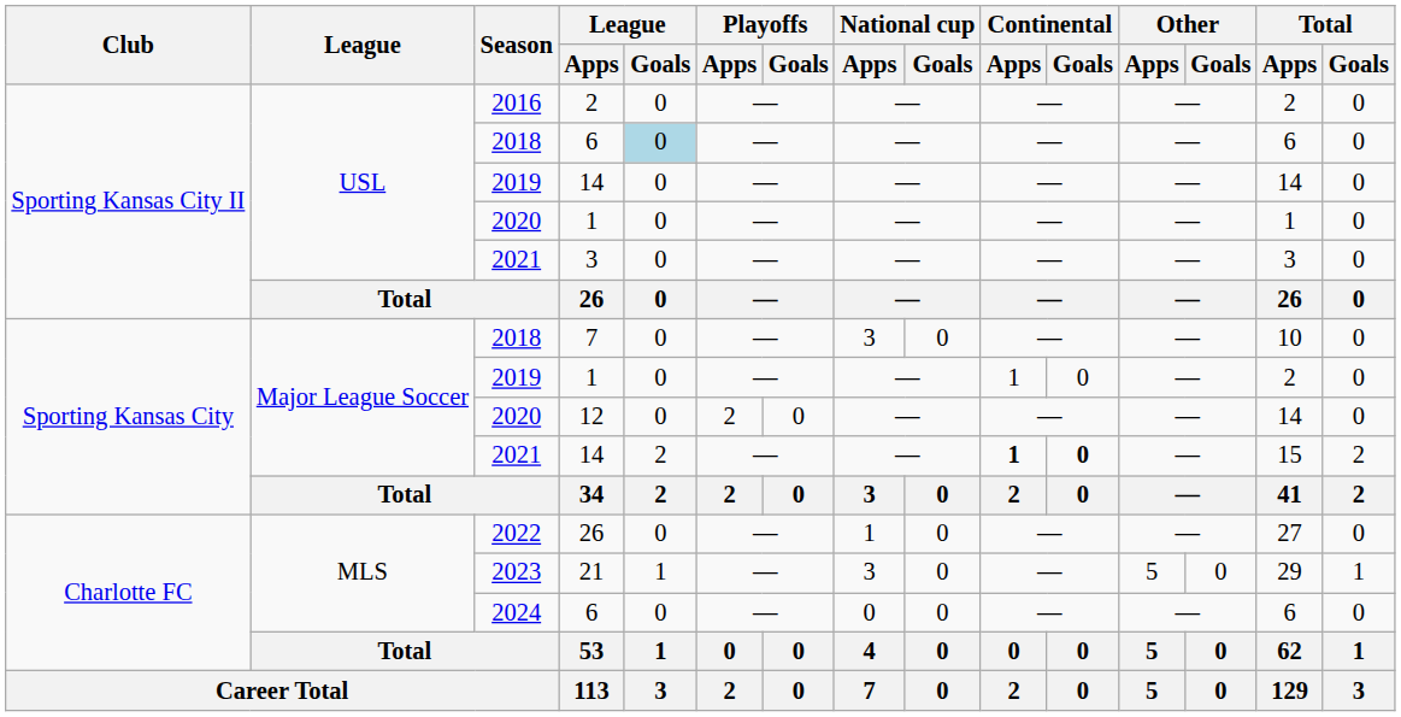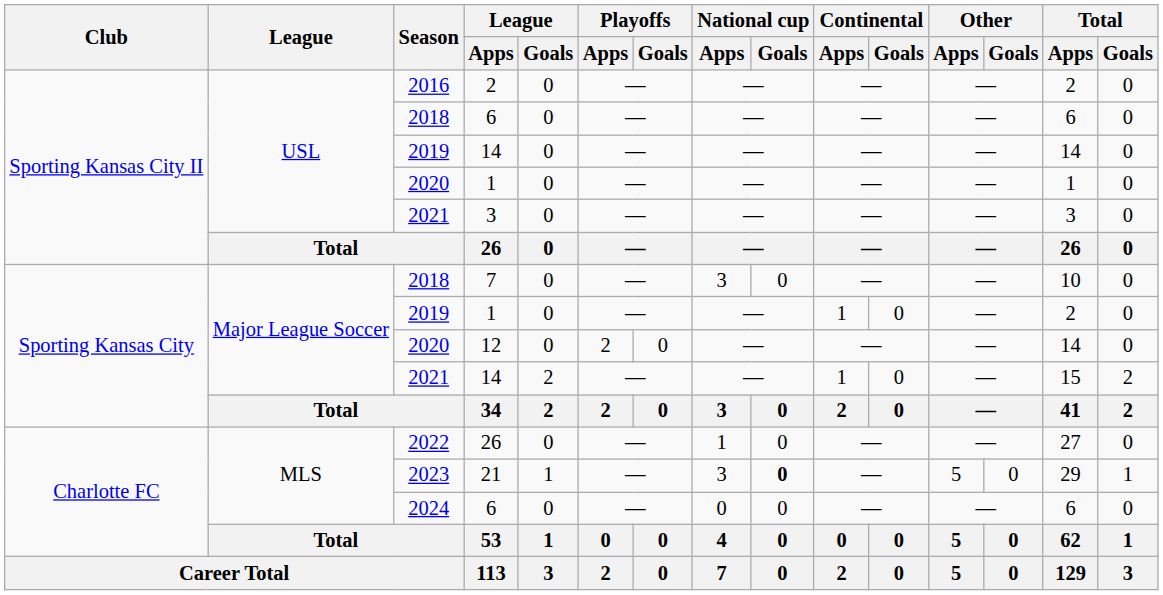 <table class="wikitable" style="text-align: center">
 <tr>
 <th rowspan=2>Club</th>
 <th rowspan=2>League</th>
 <th rowspan=2>Season</th>
 <th colspan=2>League</th>
 <th colspan=2>Playoffs</th>
 <th colspan=2>National cup</th>
 <th colspan=2>Continental</th>
 <th colspan=2>Other</th>
 <th colspan=2>Total</th>
 </tr>
 <tr>
 <th>Apps</th>
 <th>Goals</th>
 <th>Apps</th>
 <th>Goals</th>
 <th>Apps</th>
 <th>Goals</th>
 <th>Apps</th>
 <th>Goals</th>
 <th>Apps</th>
 <th>Goals</th>
 <th>Apps</th>
 <th>Goals</th>
 </tr>
 <tr>
 <td rowspan=6><a href='#'>Sporting Kansas City II</a></td>
 <td rowspan=5><a href='#'>USL</a></td>
 <td><a href='#'>2016</a></td>
 <td>2</td>
 <td>0</td>
 <td colspan="2">—</td>
 <td colspan="2">—</td>
 <td colspan="2">—</td>
 <td colspan="2">—</td>
 <td>2</td>
 <td>0</td>
 </tr>
 <tr>
 <td><a href='#'>2018</a></td>
 <td>6</td>
-<td style="background: lightblue;">0</td>
+<td>0</td>
 <td colspan="2">—</td>
 <td colspan="2">—</td>
 <td colspan="2">—</td>
 <td colspan="2">—</td>
 <td>6</td>
 <td>0</td>
 </tr>
 <tr>
 <td><a href='#'>2019</a></td>
 <td>14</td>
 <td>0</td>
 <td colspan="2">—</td>
 <td colspan="2">—</td>
 <td colspan="2">—</td>
 <td colspan="2">—</td>
 <td>14</td>
 <td>0</td>
 </tr>
 <tr>
 <td><a href='#'>2020</a></td>
 <td>1</td>
 <td>0</td>
 <td colspan="2">—</td>
 <td colspan="2">—</td>
 <td colspan="2">—</td>
 <td colspan="2">—</td>
 <td>1</td>
 <td>0</td>
 </tr>
 <tr>
 <td><a href='#'>2021</a></td>
 <td>3</td>
 <td>0</td>
 <td colspan="2">—</td>
 <td colspan="2">—</td>
 <td colspan="2">—</td>
 <td colspan="2">—</td>
 <td>3</td>
 <td>0</td>
 </tr>
 <tr>
 <th colspan=2>Total</th>
 <th>26</th>
 <th>0</th>
 <th colspan="2">—</th>
 <th colspan="2">—</th>
 <th colspan="2">—</th>
 <th colspan="2">—</th>
 <th>26</th>
 <th>0</th>
 </tr>
 <tr>
 <td rowspan=5><a href='#'>Sporting Kansas City</a></td>
 <td rowspan=4><a href='#'>Major League Soccer</a></td>
 <td><a href='#'>2018</a></td>
 <td>7</td>
 <td>0</td>
 <td colspan="2">—</td>
 <td>3</td>
 <td>0</td>
 <td colspan="2">—</td>
 <td colspan="2">—</td>
 <td>10</td>
 <td>0</td>
 </tr>
 <tr>
 <td><a href='#'>2019</a></td>
 <td>1</td>
 <td>0</td>
 <td colspan="2">—</td>
 <td colspan="2">—</td>
 <td>1</td>
 <td>0</td>
 <td colspan="2">—</td>
 <td>2</td>
 <td>0</td>
 </tr>
 <tr>
 <td><a href='#'>2020</a></td>
 <td>12</td>
 <td>0</td>
 <td>2</td>
 <td>0</td>
 <td colspan="2">—</td>
 <td colspan="2">—</td>
 <td colspan="2">—</td>
 <td>14</td>
 <td>0</td>
 </tr>
 <tr>
 <td><a href='#'>2021</a></td>
 <td>14</td>
 <td>2</td>
 <td colspan="2">—</td>
 <td colspan="2">—</td>
-<td><strong>1</strong></td>
-<td><strong>0</strong></td>
+<td>1</td>
+<td>0</td>
 <td colspan="2">—</td>
 <td>15</td>
 <td>2</td>
 </tr>
 <tr>
 <th colspan=2>Total</th>
 <th>34</th>
 <th>2</th>
 <th>2</th>
 <th>0</th>
 <th>3</th>
 <th>0</th>
 <th>2</th>
 <th>0</th>
 <th colspan="2">—</th>
 <th>41</th>
 <th>2</th>
 </tr>
 <tr>
 <td rowspan=4><a href='#'>Charlotte FC</a></td>
 <td rowspan=3>MLS</td>
 <td><a href='#'>2022</a></td>
 <td>26</td>
 <td>0</td>
 <td colspan="2">—</td>
 <td>1</td>
 <td>0</td>
 <td colspan="2">—</td>
 <td colspan="2">—</td>
 <td>27</td>
 <td>0</td>
 </tr>
 <tr>
 <td><a href='#'>2023</a></td>
 <td>21</td>
 <td>1</td>
 <td colspan="2">—</td>
 <td>3</td>
-<td>0</td>
+<td><strong>0</strong></td>
 <td colspan="2">—</td>
 <td>5</td>
 <td>0</td>
 <td>29</td>
 <td>1</td>
 </tr>
 <tr>
 <td><a href='#'>2024</a></td>
 <td>6</td>
 <td>0</td>
 <td colspan="2">—</td>
 <td>0</td>
 <td>0</td>
 <td colspan="2">—</td>
 <td colspan="2">—</td>
 <td>6</td>
 <td>0</td>
 </tr>
 <tr>
 <th colspan=2>Total</th>
 <th>53</th>
 <th>1</th>
 <th>0</th>
 <th>0</th>
 <th>4</th>
 <th>0</th>
 <th>0</th>
 <th>0</th>
 <th>5</th>
 <th>0</th>
 <th>62</th>
 <th>1</th>
 </tr>
 <tr>
 <th colspan=3>Career Total</th>
 <th>113</th>
 <th>3</th>
 <th>2</th>
 <th>0</th>
 <th>7</th>
 <th>0</th>
 <th>2</th>
 <th>0</th>
 <th>5</th>
 <th>0</th>
 <th>129</th>
 <th>3</th>
 </tr>
 </table>
